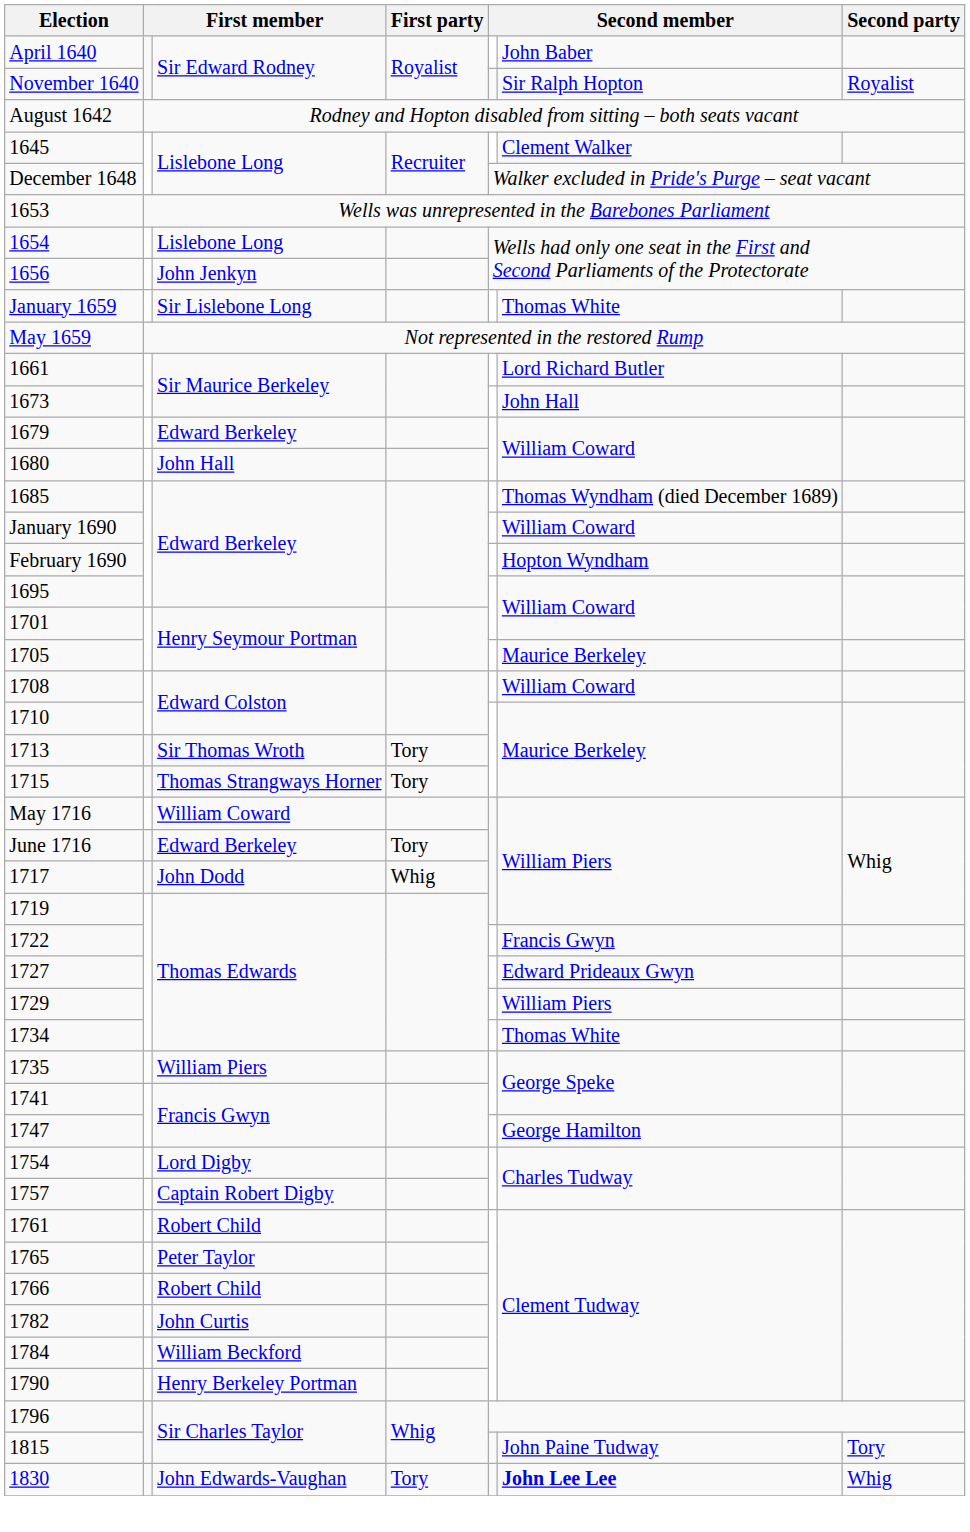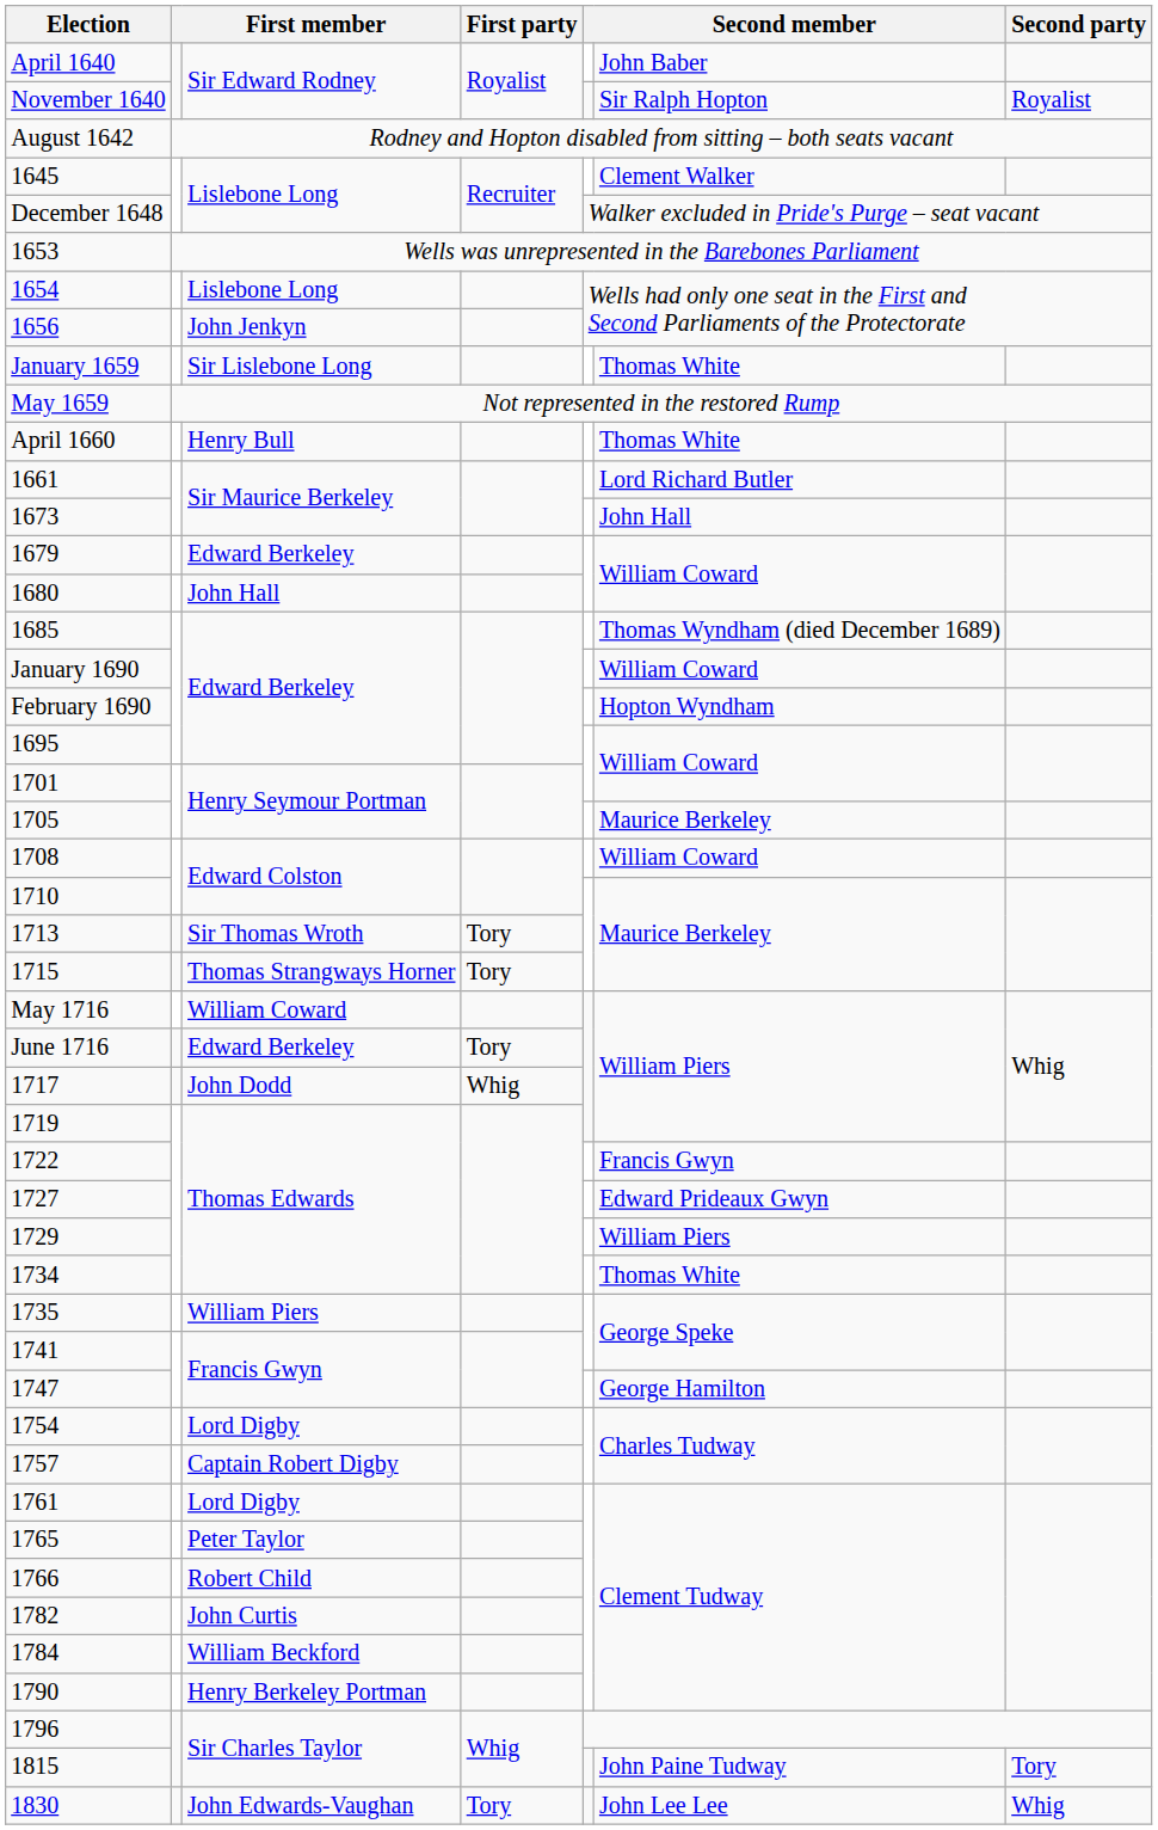 <table class="wikitable">
 <tr>
 <th>Election</th>
 <th colspan="2">First member</th>
 <th>First party</th>
 <th colspan="2">Second member</th>
 <th>Second party</th>
 </tr>
 <tr>
 <td><a href='#'>April 1640</a></td>
 <td rowspan="2" style="color:inherit;background-color: "></td>
 <td rowspan="2"><a href='#'>Sir Edward Rodney</a></td>
 <td rowspan="2"><a href='#'>Royalist</a></td>
 <td style="color:inherit;background-color: white"></td>
 <td><a href='#'>John Baber</a></td>
 <td></td>
 </tr>
 <tr>
 <td><a href='#'>November 1640</a></td>
 <td style="color:inherit;background-color: "></td>
 <td><a href='#'>Sir Ralph Hopton</a></td>
 <td><a href='#'>Royalist</a></td>
 </tr>
 <tr>
 <td>August 1642</td>
 <td style="text-align:center;" colspan="6"><em>Rodney and Hopton disabled from sitting – both seats vacant</em></td>
 </tr>
 <tr>
 <td>1645</td>
 <td rowspan="2" style="color:inherit;background-color: white"></td>
 <td rowspan="2"><a href='#'>Lislebone Long</a></td>
 <td rowspan="2"><a href='#'>Recruiter</a></td>
 <td style="color:inherit;background-color: white"></td>
 <td><a href='#'>Clement Walker</a></td>
 <td></td>
 </tr>
 <tr>
 <td>December 1648</td>
 <td colspan="3"><em>Walker excluded in <a href='#'>Pride's Purge</a> – seat vacant</em></td>
 </tr>
 <tr>
 <td>1653</td>
 <td style="text-align:center;" colspan="6"><em>Wells was unrepresented in the <a href='#'>Barebones Parliament</a></em></td>
 </tr>
 <tr>
 <td><a href='#'>1654</a></td>
 <td style="color:inherit;background-color: white"></td>
 <td><a href='#'>Lislebone Long</a></td>
 <td></td>
 <td rowspan="2" colspan="3"><em>Wells had only one seat in the <a href='#'>First</a> and <br><a href='#'>Second</a> Parliaments of the Protectorate</em></td>
 </tr>
 <tr>
 <td><a href='#'>1656</a></td>
 <td style="color:inherit;background-color: white"></td>
 <td><a href='#'>John Jenkyn</a></td>
 <td></td>
 </tr>
 <tr>
 <td><a href='#'>January 1659</a></td>
 <td style="color:inherit;background-color: white"></td>
 <td><a href='#'>Sir Lislebone Long</a></td>
 <td></td>
 <td style="color:inherit;background-color: white"></td>
 <td><a href='#'>Thomas White</a></td>
 <td></td>
 </tr>
 <tr>
 <td><a href='#'>May 1659</a></td>
 <td style="text-align:center;" colspan="6"><em>Not represented in the restored <a href='#'>Rump</a></em></td>
+</tr>
+<tr>
+<td>April 1660</td>
+<td style="color:inherit;background-color: white"></td>
+<td><a href='#'>Henry Bull</a></td>
+<td></td>
+<td style="color:inherit;background-color: white"></td>
+<td><a href='#'>Thomas White</a></td>
+<td></td>
 </tr>
 <tr>
 <td>1661</td>
 <td rowspan="2" style="color:inherit;background-color: white"></td>
 <td rowspan="2"><a href='#'>Sir Maurice Berkeley</a></td>
 <td rowspan="2"></td>
 <td style="color:inherit;background-color: white"></td>
 <td><a href='#'>Lord Richard Butler</a></td>
 <td></td>
 </tr>
 <tr>
 <td>1673</td>
 <td style="color:inherit;background-color: white"></td>
 <td><a href='#'>John Hall</a></td>
 <td></td>
 </tr>
 <tr>
 <td>1679</td>
 <td style="color:inherit;background-color: white"></td>
 <td><a href='#'>Edward Berkeley</a></td>
 <td></td>
 <td rowspan="2" style="color:inherit;background-color: white"></td>
 <td rowspan="2"><a href='#'>William Coward</a></td>
 <td rowspan="2"></td>
 </tr>
 <tr>
 <td>1680</td>
 <td style="color:inherit;background-color: white"></td>
 <td><a href='#'>John Hall</a></td>
 <td></td>
 </tr>
 <tr>
 <td>1685</td>
 <td rowspan="4" style="color:inherit;background-color: white"></td>
 <td rowspan="4"><a href='#'>Edward Berkeley</a></td>
 <td rowspan="4"></td>
 <td style="color:inherit;background-color: white"></td>
 <td><a href='#'>Thomas Wyndham</a> (died December 1689)</td>
 <td></td>
 </tr>
 <tr>
 <td>January 1690</td>
 <td style="color:inherit;background-color: white"></td>
 <td><a href='#'>William Coward</a></td>
 <td></td>
 </tr>
 <tr>
 <td>February 1690</td>
 <td style="color:inherit;background-color: white"></td>
 <td><a href='#'>Hopton Wyndham</a></td>
 <td></td>
 </tr>
 <tr>
 <td>1695</td>
 <td rowspan="2" style="color:inherit;background-color: white"></td>
 <td rowspan="2"><a href='#'>William Coward</a></td>
 <td rowspan="2"></td>
 </tr>
 <tr>
 <td>1701</td>
 <td rowspan="2" style="color:inherit;background-color: white"></td>
 <td rowspan="2"><a href='#'>Henry Seymour Portman</a></td>
 <td rowspan="2"></td>
 </tr>
 <tr>
 <td>1705</td>
 <td style="color:inherit;background-color: white"></td>
 <td><a href='#'>Maurice Berkeley</a></td>
 <td></td>
 </tr>
 <tr>
 <td>1708</td>
 <td rowspan="2" style="color:inherit;background-color: white"></td>
 <td rowspan="2"><a href='#'>Edward Colston</a></td>
 <td rowspan="2"></td>
 <td style="color:inherit;background-color: white"></td>
 <td><a href='#'>William Coward</a></td>
 <td></td>
 </tr>
 <tr>
 <td>1710</td>
 <td rowspan="3" style="color:inherit;background-color: white"></td>
 <td rowspan="3"><a href='#'>Maurice Berkeley</a></td>
 <td rowspan="3"></td>
 </tr>
 <tr>
 <td>1713</td>
 <td style="color:inherit;background-color: "></td>
 <td><a href='#'>Sir Thomas Wroth</a></td>
 <td>Tory</td>
 </tr>
 <tr>
 <td>1715</td>
 <td style="color:inherit;background-color: "></td>
 <td><a href='#'>Thomas Strangways Horner</a></td>
 <td>Tory</td>
 </tr>
 <tr>
 <td>May 1716</td>
 <td style="color:inherit;background-color: white"></td>
 <td><a href='#'>William Coward</a></td>
 <td></td>
 <td rowspan="4" style="color:inherit;background-color: "></td>
 <td rowspan="4"><a href='#'>William Piers</a></td>
 <td rowspan="4">Whig</td>
 </tr>
 <tr>
 <td>June 1716</td>
 <td style="color:inherit;background-color: "></td>
 <td><a href='#'>Edward Berkeley</a></td>
 <td>Tory</td>
 </tr>
 <tr>
 <td>1717</td>
 <td style="color:inherit;background-color: "></td>
 <td><a href='#'>John Dodd</a></td>
 <td>Whig</td>
 </tr>
 <tr>
 <td>1719</td>
 <td rowspan="5" style="color:inherit;background-color: white"></td>
 <td rowspan="5"><a href='#'>Thomas Edwards</a></td>
 <td rowspan="5"></td>
 </tr>
 <tr>
 <td>1722</td>
 <td style="color:inherit;background-color: white"></td>
 <td><a href='#'>Francis Gwyn</a></td>
 <td></td>
 </tr>
 <tr>
 <td>1727</td>
 <td style="color:inherit;background-color: white"></td>
 <td><a href='#'>Edward Prideaux Gwyn</a></td>
 <td></td>
 </tr>
 <tr>
 <td>1729</td>
 <td style="color:inherit;background-color: white"></td>
 <td><a href='#'>William Piers</a></td>
 <td></td>
 </tr>
 <tr>
 <td>1734</td>
 <td style="color:inherit;background-color: white"></td>
 <td><a href='#'>Thomas White</a></td>
 <td></td>
 </tr>
 <tr>
 <td>1735</td>
 <td style="color:inherit;background-color: white"></td>
 <td><a href='#'>William Piers</a></td>
 <td></td>
 <td rowspan="2" style="color:inherit;background-color: white"></td>
 <td rowspan="2"><a href='#'>George Speke</a></td>
 <td rowspan="2"></td>
 </tr>
 <tr>
 <td>1741</td>
 <td rowspan="2" style="color:inherit;background-color: white"></td>
 <td rowspan="2"><a href='#'>Francis Gwyn</a></td>
 <td rowspan="2"></td>
 </tr>
 <tr>
 <td>1747</td>
 <td style="color:inherit;background-color: white"></td>
 <td><a href='#'>George Hamilton</a></td>
 <td></td>
 </tr>
 <tr>
 <td>1754</td>
 <td style="color:inherit;background-color: white"></td>
 <td><a href='#'>Lord Digby</a></td>
 <td></td>
 <td rowspan="2" style="color:inherit;background-color: white"></td>
 <td rowspan="2"><a href='#'>Charles Tudway</a></td>
 <td rowspan="2"></td>
 </tr>
 <tr>
 <td>1757</td>
 <td style="color:inherit;background-color: white"></td>
 <td><a href='#'>Captain Robert Digby</a></td>
 <td></td>
 </tr>
 <tr>
 <td>1761</td>
 <td style="color:inherit;background-color: white"></td>
-<td><a href='#'>Robert Child</a></td>
+<td><a href='#'>Lord Digby</a></td>
 <td></td>
 <td rowspan="6" style="color:inherit;background-color: white"></td>
 <td rowspan="6"><a href='#'>Clement Tudway</a></td>
 <td rowspan="6"></td>
 </tr>
 <tr>
 <td>1765</td>
 <td style="color:inherit;background-color: white"></td>
 <td><a href='#'>Peter Taylor</a></td>
 <td></td>
 </tr>
 <tr>
 <td>1766</td>
 <td style="color:inherit;background-color: white"></td>
 <td><a href='#'>Robert Child</a></td>
 <td></td>
 </tr>
 <tr>
 <td>1782</td>
 <td style="color:inherit;background-color: white"></td>
 <td><a href='#'>John Curtis</a></td>
 <td></td>
 </tr>
 <tr>
 <td>1784</td>
 <td style="color:inherit;background-color: white"></td>
 <td><a href='#'>William Beckford</a></td>
 <td></td>
 </tr>
 <tr>
 <td>1790</td>
 <td style="color:inherit;background-color: white"></td>
 <td><a href='#'>Henry Berkeley Portman</a></td>
 <td></td>
 </tr>
 <tr>
 <td>1796</td>
 <td rowspan="2" style="color:inherit;background-color: "></td>
 <td rowspan="2"><a href='#'>Sir Charles Taylor</a></td>
 <td rowspan="2"><a href='#'>Whig</a></td>
 </tr>
 <tr>
 <td>1815</td>
 <td style="color:inherit;background-color: "></td>
 <td><a href='#'>John Paine Tudway</a></td>
 <td><a href='#'>Tory</a></td>
 </tr>
 <tr>
 <td><a href='#'>1830</a></td>
 <td style="color:inherit;background-color: "></td>
 <td><a href='#'>John Edwards-Vaughan</a></td>
 <td><a href='#'>Tory</a></td>
 <td style="color:inherit;background-color: "></td>
-<td><strong><a href='#'>John Lee Lee</a></strong></td>
+<td><a href='#'>John Lee Lee</a></td>
 <td><a href='#'>Whig</a></td>
 </tr>
 </table>
